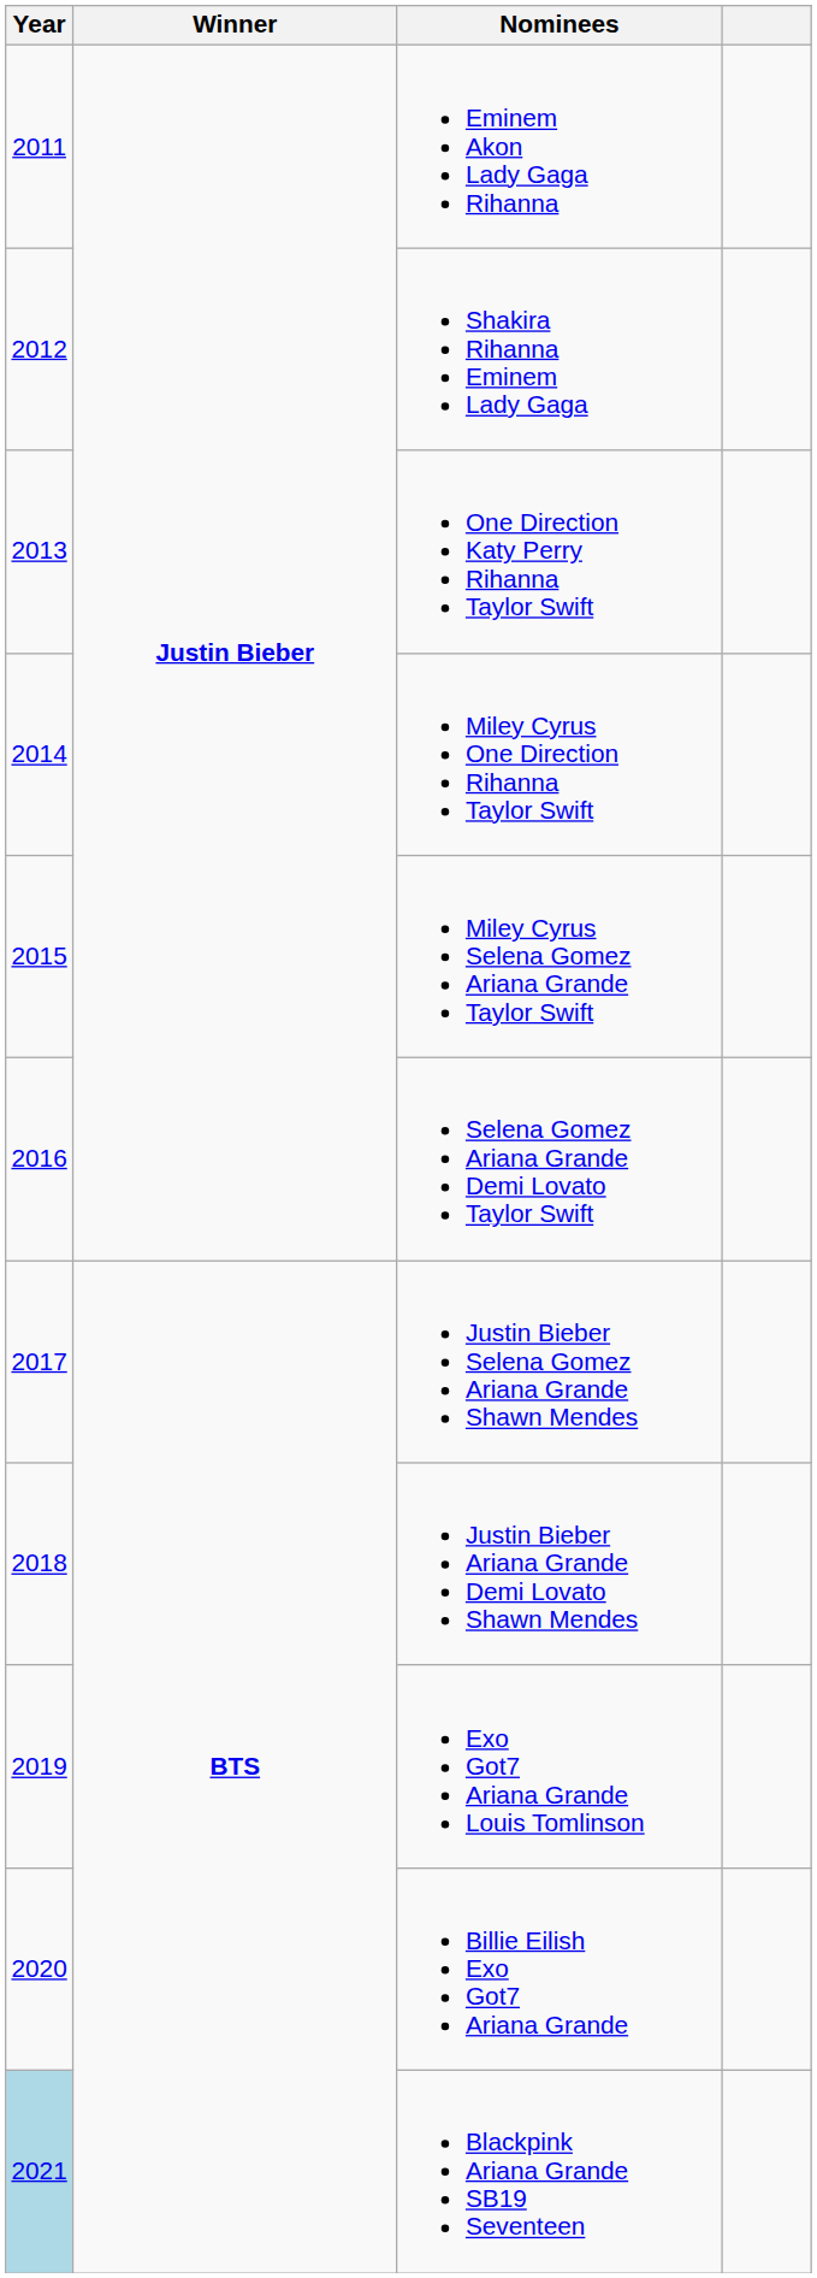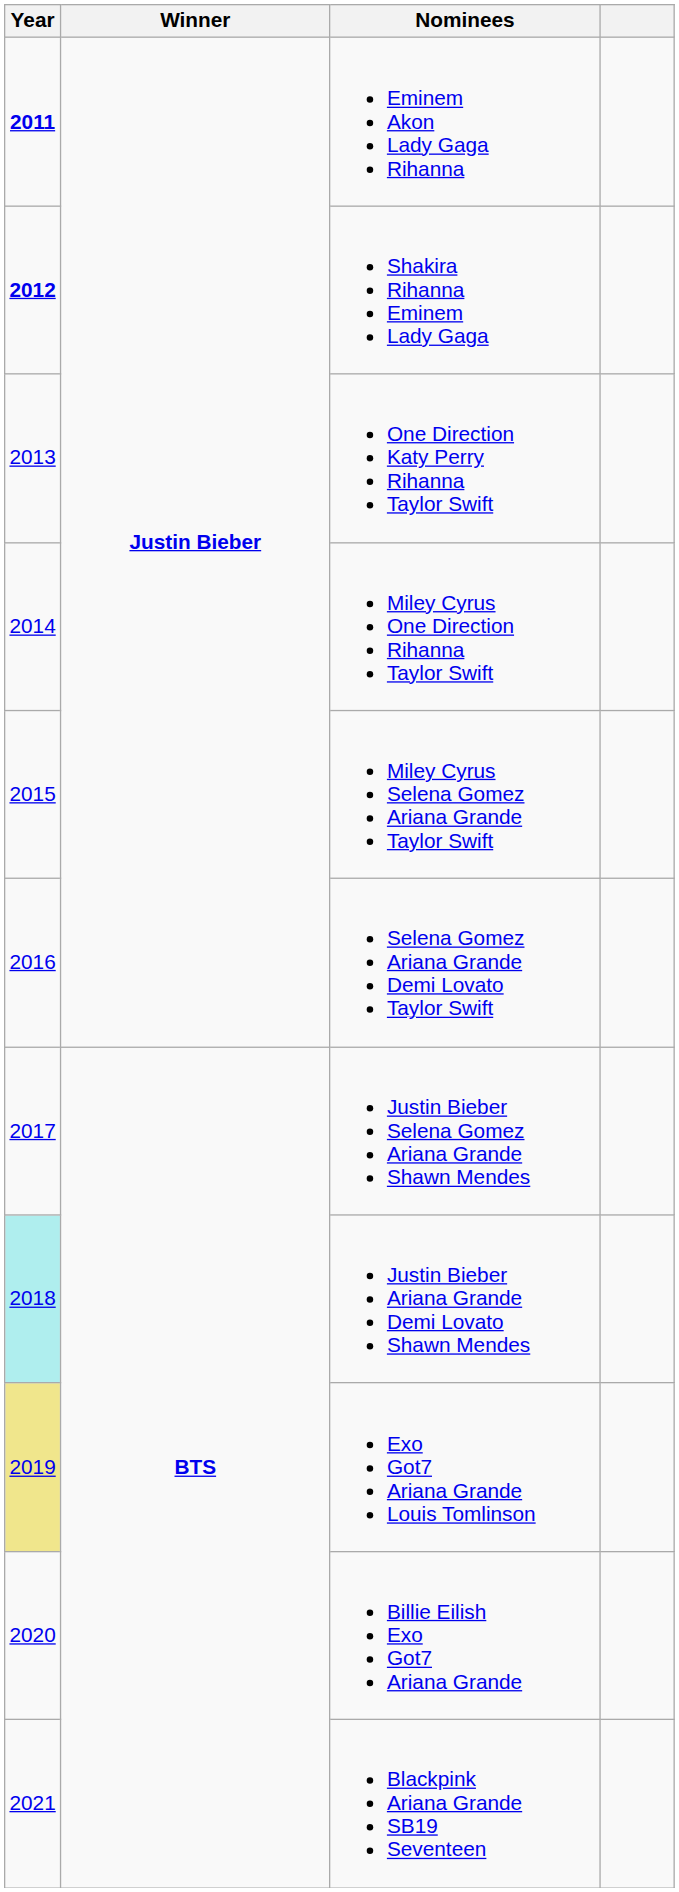 <table class="wikitable">
 <tr>
 <th>Year</th>
 <th scope="col" style="width: 200px;">Winner</th>
 <th scope="col" style="width: 200px;">Nominees</th>
 <th scope="col" style="width: 50px;"></th>
 </tr>
 <tr>
-<td align="center"><a href='#'>2011</a></td>
+<td align="center"><strong><a href='#'>2011</a></strong></td>
 <td align="center" rowspan="6"><strong><a href='#'>Justin Bieber</a></strong></td>
 <td><br><ul><li><a href='#'>Eminem</a></li><li><a href='#'>Akon</a></li><li><a href='#'>Lady Gaga</a></li><li><a href='#'>Rihanna</a></li></ul></td>
 <td align="center"></td>
 </tr>
 <tr>
-<td align="center"><a href='#'>2012</a></td>
+<td align="center"><strong><a href='#'>2012</a></strong></td>
 <td><br><ul><li><a href='#'>Shakira</a></li><li><a href='#'>Rihanna</a></li><li><a href='#'>Eminem</a></li><li><a href='#'>Lady Gaga</a></li></ul></td>
 <td align="center"></td>
 </tr>
 <tr>
 <td align="center"><a href='#'>2013</a></td>
 <td><br><ul><li><a href='#'>One Direction</a></li><li><a href='#'>Katy Perry</a></li><li><a href='#'>Rihanna</a></li><li><a href='#'>Taylor Swift</a></li></ul></td>
 <td align="center"></td>
 </tr>
 <tr>
 <td align="center"><a href='#'>2014</a></td>
 <td><br><ul><li><a href='#'>Miley Cyrus</a></li><li><a href='#'>One Direction</a></li><li><a href='#'>Rihanna</a></li><li><a href='#'>Taylor Swift</a></li></ul></td>
 <td align="center"></td>
 </tr>
 <tr>
 <td align="center"><a href='#'>2015</a></td>
 <td><br><ul><li><a href='#'>Miley Cyrus</a></li><li><a href='#'>Selena Gomez</a></li><li><a href='#'>Ariana Grande</a></li><li><a href='#'>Taylor Swift</a></li></ul></td>
 <td align="center"></td>
 </tr>
 <tr>
 <td align="center"><a href='#'>2016</a></td>
 <td><br><ul><li><a href='#'>Selena Gomez</a></li><li><a href='#'>Ariana Grande</a></li><li><a href='#'>Demi Lovato</a></li><li><a href='#'>Taylor Swift</a></li></ul></td>
 <td align="center"></td>
 </tr>
 <tr>
 <td align="center"><a href='#'>2017</a></td>
 <td align="center" rowspan="5"><strong><a href='#'>BTS</a></strong></td>
 <td><br><ul><li><a href='#'>Justin Bieber</a></li><li><a href='#'>Selena Gomez</a></li><li><a href='#'>Ariana Grande</a></li><li><a href='#'>Shawn Mendes</a></li></ul></td>
 <td align="center"></td>
 </tr>
 <tr>
-<td align="center"><a href='#'>2018</a></td>
+<td align="center" style="background: paleturquoise;"><a href='#'>2018</a></td>
 <td><br><ul><li><a href='#'>Justin Bieber</a></li><li><a href='#'>Ariana Grande</a></li><li><a href='#'>Demi Lovato</a></li><li><a href='#'>Shawn Mendes</a></li></ul></td>
 <td align="center"></td>
 </tr>
 <tr>
-<td align="center"><a href='#'>2019</a></td>
+<td align="center" style="background: khaki;"><a href='#'>2019</a></td>
 <td><br><ul><li><a href='#'>Exo</a></li><li><a href='#'>Got7</a></li><li><a href='#'>Ariana Grande</a></li><li><a href='#'>Louis Tomlinson</a></li></ul></td>
 <td align="center"></td>
 </tr>
 <tr>
 <td align="center"><a href='#'>2020</a></td>
 <td><br><ul><li><a href='#'>Billie Eilish</a></li><li><a href='#'>Exo</a></li><li><a href='#'>Got7</a></li><li><a href='#'>Ariana Grande</a></li></ul></td>
 <td align="center"></td>
 </tr>
 <tr>
-<td align="center" style="background: lightblue;"><a href='#'>2021</a></td>
+<td align="center"><a href='#'>2021</a></td>
 <td><br><ul><li><a href='#'>Blackpink</a></li><li><a href='#'>Ariana Grande</a></li><li><a href='#'>SB19</a></li><li><a href='#'>Seventeen</a></li></ul></td>
 <td align="center"></td>
 </tr>
 <tr>
 </tr>
 </table>
